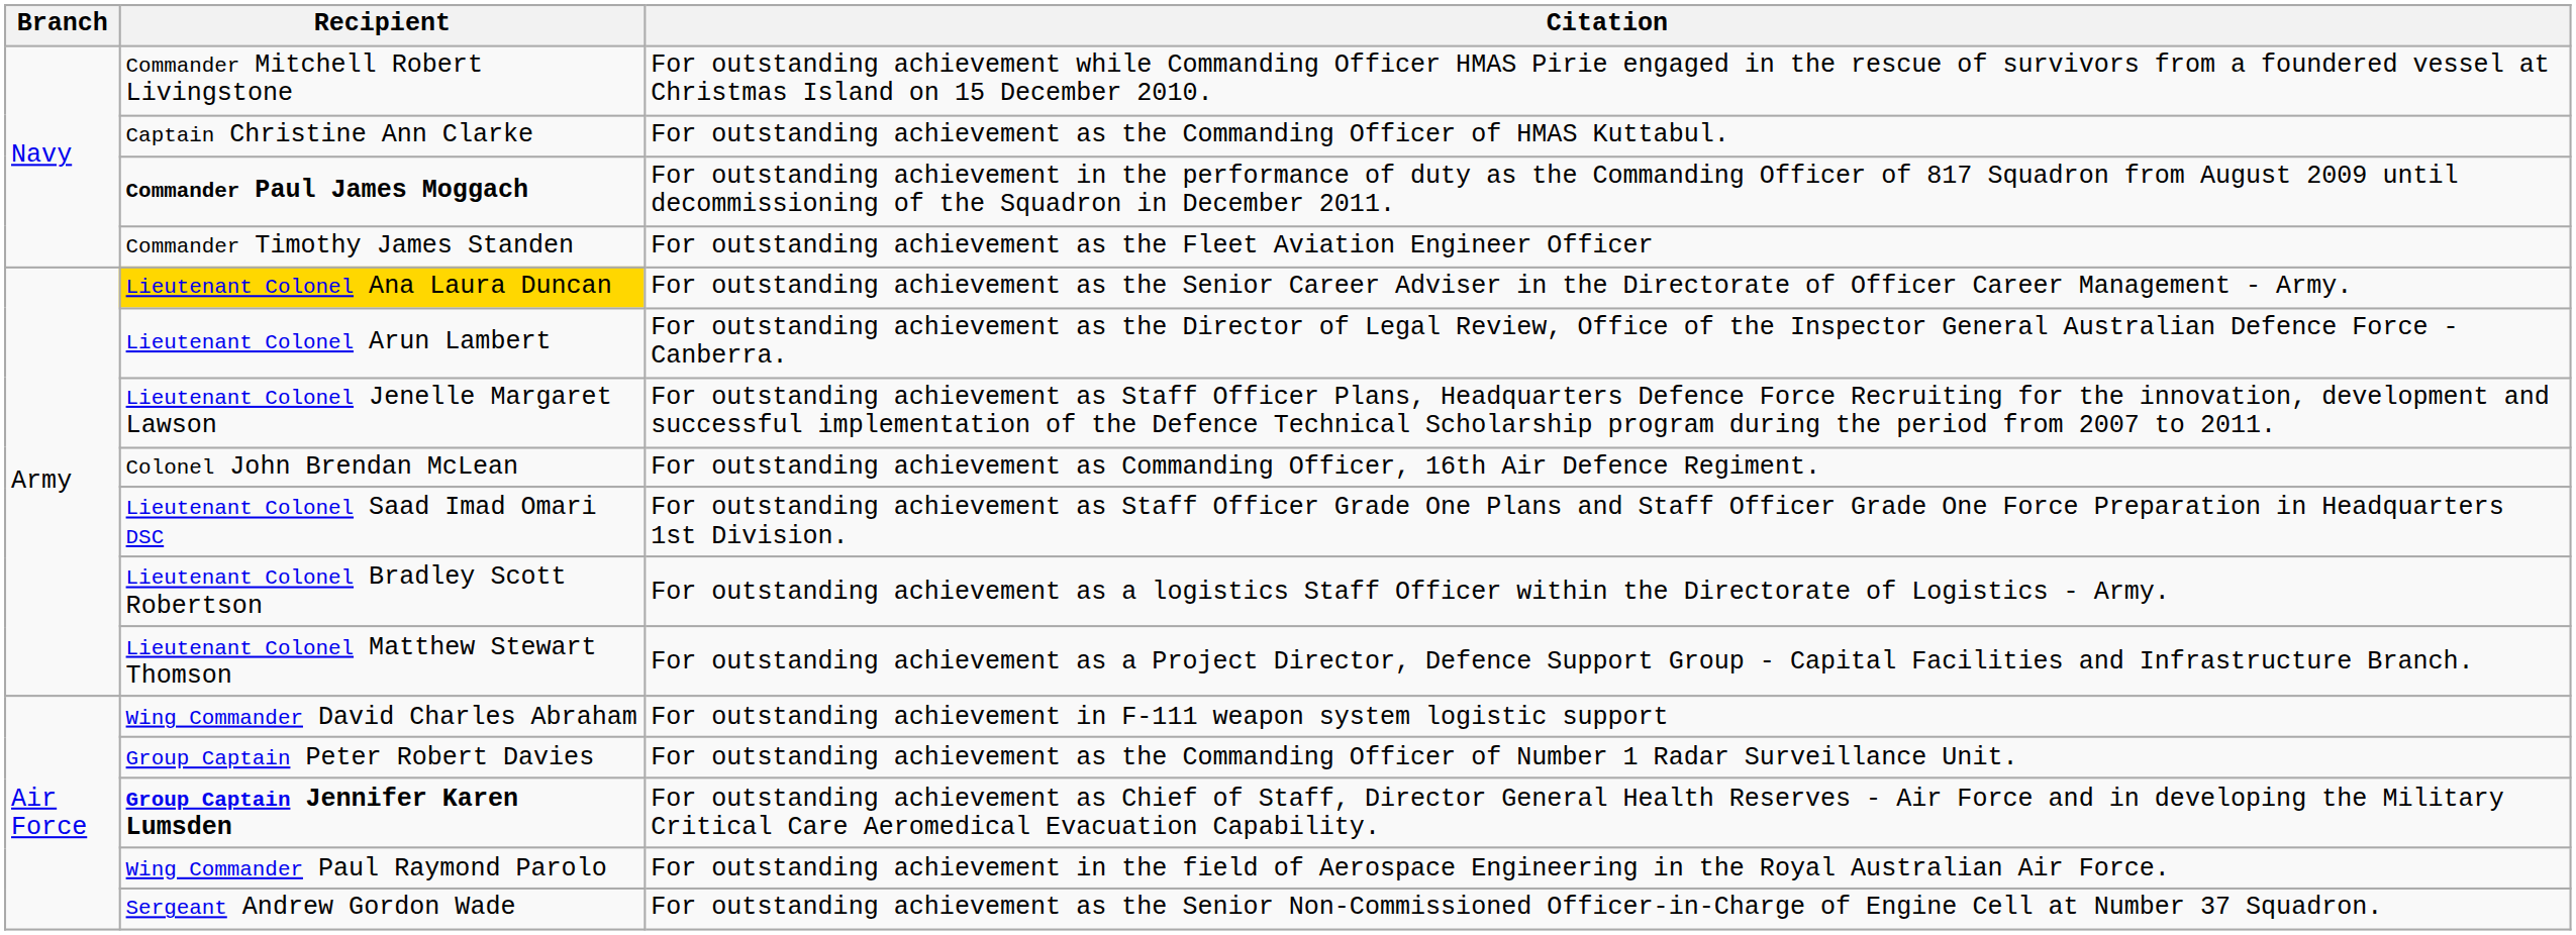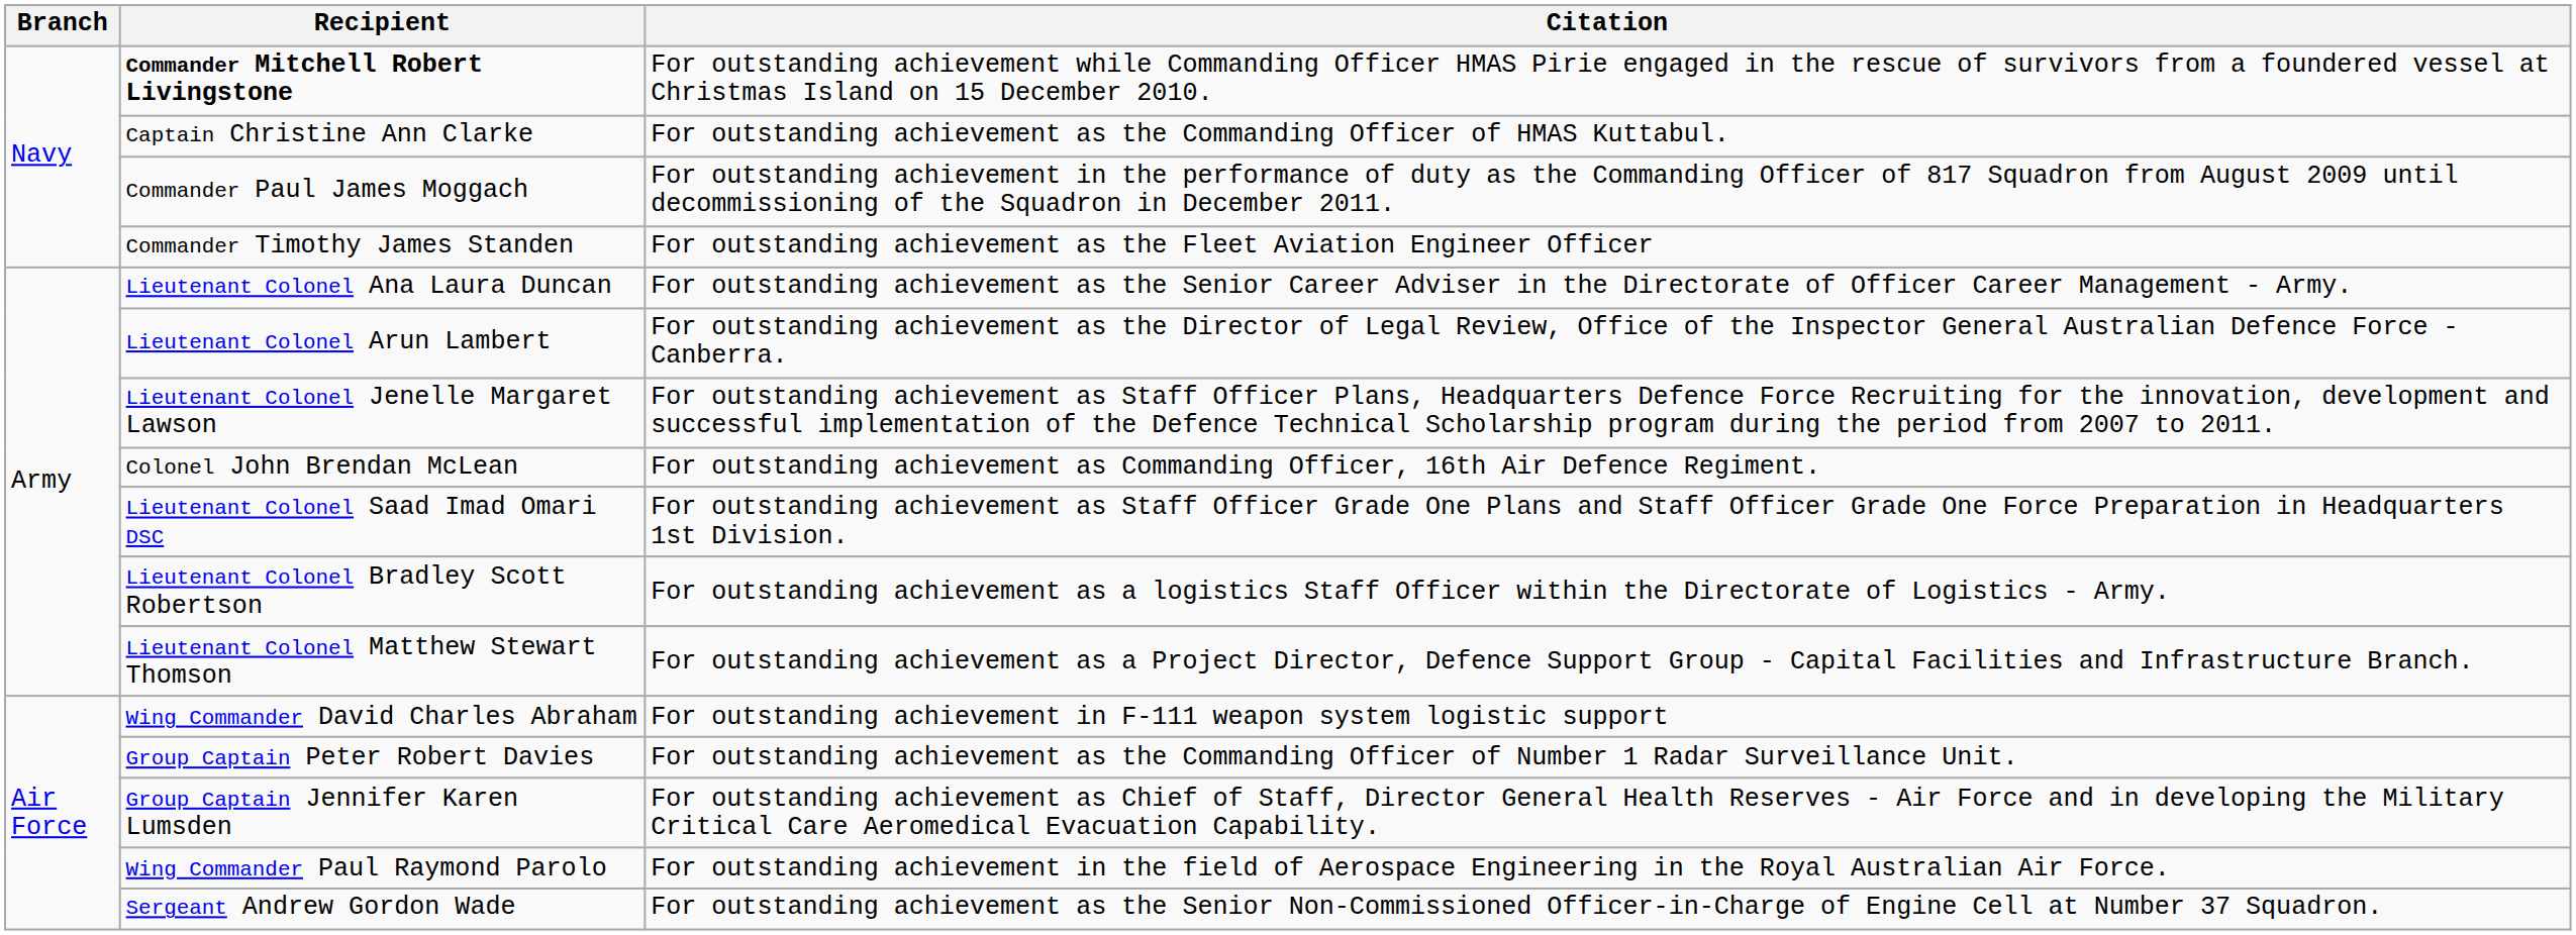 <table class="wikitable" style="font-size:95%;">
 <tr>
 <th scope="col" width="50">Branch</th>
 <th scope="col" width="250">Recipient</th>
 <th>Citation</th>
 </tr>
 <tr>
 <td rowspan="4"><a href='#'>Navy</a></td>
-<td><small>Commander</small> Mitchell Robert Livingstone</td>
+<td><strong><small>Commander</small> Mitchell Robert Livingstone</strong></td>
 <td>For outstanding achievement while Commanding Officer HMAS Pirie engaged in the rescue of survivors from a  foundered vessel at Christmas Island on 15 December 2010.</td>
 </tr>
 <tr>
 <td><small>Captain</small> Christine Ann Clarke</td>
 <td>For outstanding achievement as the Commanding Officer of HMAS Kuttabul.</td>
 </tr>
 <tr>
-<td><strong><small>Commander</small> Paul James Moggach</strong></td>
+<td><small>Commander</small> Paul James Moggach</td>
 <td>For outstanding achievement in the performance of duty as the Commanding Officer of 817 Squadron from August 2009 until  decommissioning of the Squadron in December 2011.</td>
 </tr>
 <tr>
 <td><small>Commander</small> Timothy James Standen</td>
 <td>For outstanding achievement as the Fleet Aviation Engineer Officer</td>
 </tr>
 <tr>
 <td rowspan="7">Army</td>
-<td style="background: gold;"><small><a href='#'>Lieutenant Colonel</a></small> Ana Laura Duncan</td>
+<td><small><a href='#'>Lieutenant Colonel</a></small> Ana Laura Duncan</td>
 <td>For outstanding achievement as the Senior Career Adviser in the Directorate of Officer Career Management - Army.</td>
 </tr>
 <tr>
 <td><small><a href='#'>Lieutenant Colonel</a></small> Arun Lambert</td>
 <td>For outstanding achievement as the Director of Legal Review, Office of the Inspector General Australian Defence Force - Canberra.</td>
 </tr>
 <tr>
 <td><small><a href='#'>Lieutenant Colonel</a></small> Jenelle Margaret Lawson</td>
 <td>For outstanding achievement as Staff Officer Plans, Headquarters Defence Force Recruiting for the innovation, development and successful implementation of the Defence Technical Scholarship program during the period from 2007 to 2011.</td>
 </tr>
 <tr>
 <td><small>Colonel</small> John Brendan McLean</td>
 <td>For outstanding achievement as Commanding Officer, 16th Air Defence Regiment.</td>
 </tr>
 <tr>
 <td><small><a href='#'>Lieutenant Colonel</a></small> Saad Imad Omari <small><a href='#'>DSC</a></small></td>
 <td>For outstanding achievement as Staff Officer Grade One Plans and Staff Officer Grade One Force Preparation in Headquarters 1st Division.</td>
 </tr>
 <tr>
 <td><small><a href='#'>Lieutenant Colonel</a></small> Bradley Scott Robertson</td>
 <td>For outstanding achievement as a logistics  Staff Officer within the Directorate of Logistics - Army.</td>
 </tr>
 <tr>
 <td><small><a href='#'>Lieutenant Colonel</a></small> Matthew Stewart Thomson</td>
 <td>For outstanding achievement as a Project Director, Defence Support Group - Capital Facilities and Infrastructure Branch.</td>
 </tr>
 <tr>
 <td rowspan="5"><a href='#'>Air Force</a></td>
 <td><small><a href='#'>Wing Commander</a></small> David Charles Abraham</td>
 <td>For outstanding  achievement in F-111 weapon system logistic support</td>
 </tr>
 <tr>
 <td><small><a href='#'>Group Captain</a></small> Peter Robert Davies</td>
 <td>For outstanding achievement as the Commanding Officer of Number 1 Radar Surveillance Unit.</td>
 </tr>
 <tr>
-<td><strong><small><a href='#'>Group Captain</a></small> Jennifer Karen Lumsden</strong></td>
+<td><small><a href='#'>Group Captain</a></small> Jennifer Karen Lumsden</td>
 <td>For outstanding achievement as Chief of Staff, Director General Health Reserves - Air Force and in developing the Military Critical Care Aeromedical Evacuation Capability.</td>
 </tr>
 <tr>
 <td><small><a href='#'>Wing Commander</a></small> Paul Raymond Parolo</td>
 <td>For outstanding achievement in the field of Aerospace Engineering in the Royal Australian Air Force.</td>
 </tr>
 <tr>
 <td><small><a href='#'>Sergeant</a></small> Andrew Gordon Wade</td>
 <td>For outstanding achievement as the Senior Non-Commissioned Officer-in-Charge of Engine Cell at Number 37 Squadron.</td>
 </tr>
 </table>
